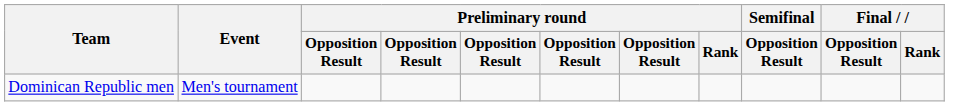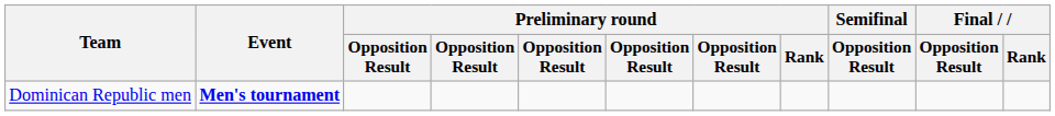 <table class=wikitable style=font-size:90%;text-align:center>
 <tr>
 <th rowspan=2>Team</th>
 <th rowspan=2>Event</th>
 <th colspan=6>Preliminary round</th>
 <th>Semifinal</th>
 <th colspan=2>Final /  / </th>
 </tr>
 <tr style=font-size:95%>
 <th>Opposition<br>Result</th>
 <th>Opposition<br>Result</th>
 <th>Opposition<br>Result</th>
 <th>Opposition<br>Result</th>
 <th>Opposition<br>Result</th>
 <th>Rank</th>
 <th>Opposition<br>Result</th>
 <th>Opposition<br>Result</th>
 <th>Rank</th>
 </tr>
 <tr>
 <td align=left><a href='#'>Dominican Republic men</a></td>
-<td align=left><a href='#'>Men's tournament</a></td>
+<td align=left><strong><a href='#'>Men's tournament</a></strong></td>
 <td></td>
 <td></td>
 <td></td>
 <td></td>
 <td></td>
 <td></td>
 <td></td>
 <td></td>
 <td></td>
 </tr>
 </table>
